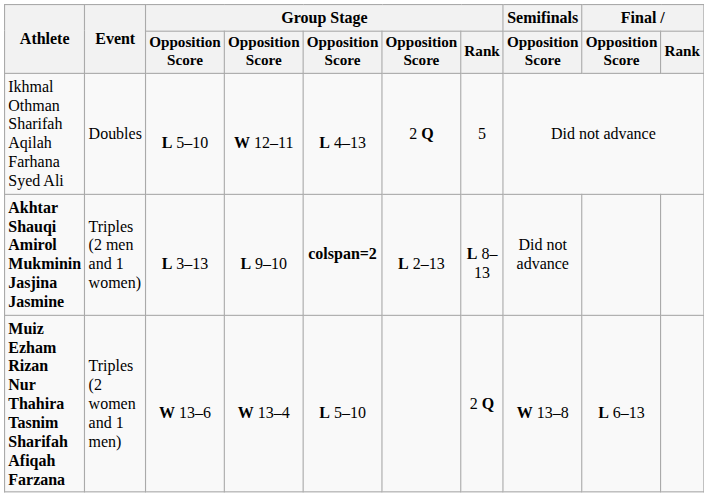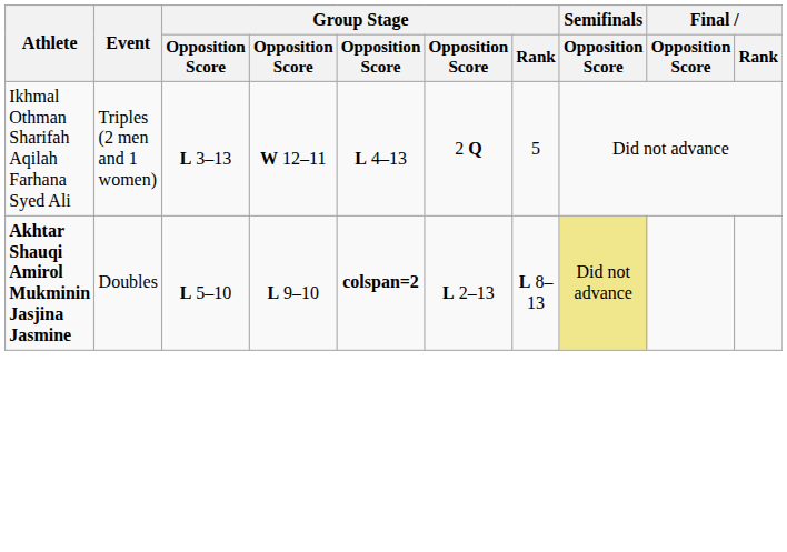 <table class="wikitable" style="font-size:90%">
 <tr>
 <th rowspan="2">Athlete</th>
 <th rowspan="2">Event</th>
 <th colspan="5">Group Stage</th>
 <th>Semifinals</th>
 <th colspan="2">Final / </th>
 </tr>
 <tr style="font-size:95%">
 <th>Opposition<br>Score</th>
 <th>Opposition<br>Score</th>
 <th>Opposition<br>Score</th>
 <th>Opposition<br>Score</th>
 <th>Rank</th>
 <th>Opposition<br>Score</th>
 <th>Opposition<br>Score</th>
 <th>Rank</th>
 </tr>
 <tr align="center">
 <td align="left">Ikhmal Othman<br>Sharifah Aqilah Farhana Syed Ali</td>
-<td align="left">Doubles</td>
-<td><br><strong>L</strong> 5–10</td>
+<td align="left">Triples (2 men and 1 women)</td>
+<td><br><strong>L</strong> 3–13</td>
 <td><br><strong>W</strong> 12–11</td>
 <td><br><strong>L</strong> 4–13</td>
 <td>2 <strong>Q</strong></td>
 <td>5</td>
 <td colspan="3">Did not advance</td>
 </tr>
 <tr align="center">
 <td align="left"><strong>Akhtar Shauqi<br>Amirol Mukminin<br>Jasjina Jasmine</strong></td>
-<td align="left">Triples (2 men and 1 women)</td>
-<td><br><strong>L</strong> 3–13</td>
+<td align="left">Doubles</td>
+<td><br><strong>L</strong> 5–10</td>
 <td><br><strong>L</strong> 9–10</td>
 <td><strong>colspan=2 </strong></td>
 <td><br><strong>L</strong> 2–13</td>
 <td><br><strong>L</strong> 8–13</td>
-<td>Did not advance</td>
-<td></td>
-</tr>
-<tr align="center">
-<td align="left"><strong>Muiz Ezham Rizan<br>Nur Thahira Tasnim<br>Sharifah Afiqah Farzana</strong></td>
-<td align="left">Triples (2 women and 1 men)</td>
-<td><br><strong>W</strong> 13–6</td>
-<td><br><strong>W</strong> 13–4</td>
-<td><br><strong>L</strong> 5–10</td>
-<td></td>
-<td>2 <strong>Q</strong></td>
-<td><br><strong>W</strong> 13–8</td>
-<td><br><strong>L</strong> 6–13</td>
+<td style="background: khaki;">Did not advance</td>
 <td></td>
 </tr>
 </table>
